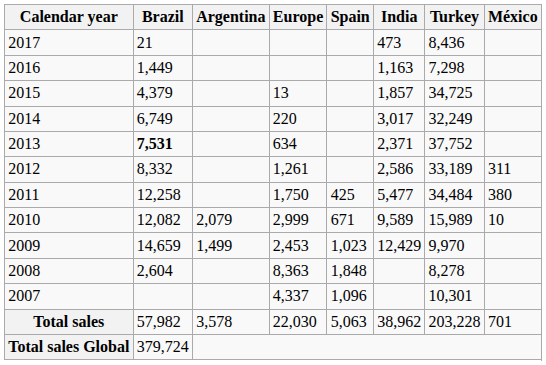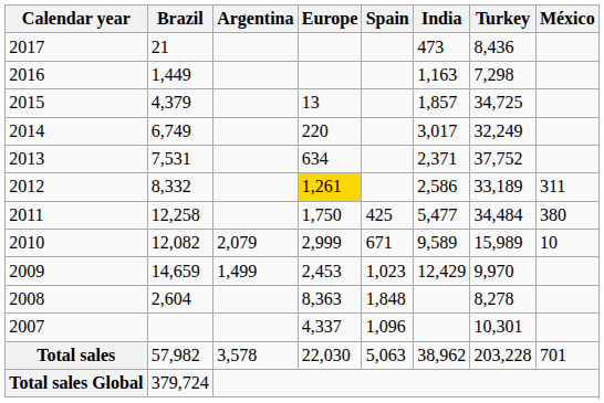 <table class="wikitable">
 <tr>
 <th>Calendar year</th>
 <th>Brazil</th>
 <th>Argentina</th>
 <th>Europe</th>
 <th>Spain</th>
 <th>India</th>
 <th>Turkey</th>
 <th>México</th>
 </tr>
 <tr>
 <td>2017</td>
 <td>21</td>
 <td></td>
 <td></td>
 <td></td>
 <td>473</td>
 <td>8,436</td>
 <td></td>
 </tr>
 <tr>
 <td>2016</td>
 <td>1,449</td>
 <td></td>
 <td></td>
 <td></td>
 <td>1,163</td>
 <td>7,298</td>
 <td></td>
 </tr>
 <tr>
 <td>2015</td>
 <td>4,379</td>
 <td></td>
 <td>13</td>
 <td></td>
 <td>1,857</td>
 <td>34,725</td>
 <td></td>
 </tr>
 <tr>
 <td>2014</td>
 <td>6,749</td>
 <td></td>
 <td>220</td>
 <td></td>
 <td>3,017</td>
 <td>32,249</td>
 <td></td>
 </tr>
 <tr>
 <td>2013</td>
-<td><strong>7,531</strong></td>
+<td>7,531</td>
 <td></td>
 <td>634</td>
 <td></td>
 <td>2,371</td>
 <td>37,752</td>
 <td></td>
 </tr>
 <tr>
 <td>2012</td>
 <td>8,332</td>
 <td></td>
-<td>1,261</td>
+<td style="background: gold;">1,261</td>
 <td></td>
 <td>2,586</td>
 <td>33,189</td>
 <td>311</td>
 </tr>
 <tr>
 <td>2011</td>
 <td>12,258</td>
 <td></td>
 <td>1,750</td>
 <td>425</td>
 <td>5,477</td>
 <td>34,484</td>
 <td>380</td>
 </tr>
 <tr>
 <td>2010</td>
 <td>12,082</td>
 <td>2,079</td>
 <td>2,999</td>
 <td>671</td>
 <td>9,589</td>
 <td>15,989</td>
 <td>10</td>
 </tr>
 <tr>
 <td>2009</td>
 <td>14,659</td>
 <td>1,499</td>
 <td>2,453</td>
 <td>1,023</td>
 <td>12,429</td>
 <td>9,970</td>
 <td></td>
 </tr>
 <tr>
 <td>2008</td>
 <td>2,604</td>
 <td></td>
 <td>8,363</td>
 <td>1,848</td>
 <td></td>
 <td>8,278</td>
 <td></td>
 </tr>
 <tr>
 <td>2007</td>
 <td></td>
 <td></td>
 <td>4,337</td>
 <td>1,096</td>
 <td></td>
 <td>10,301</td>
 <td></td>
 </tr>
 <tr>
 <th>Total sales</th>
 <td>57,982</td>
 <td>3,578</td>
 <td>22,030</td>
 <td>5,063</td>
 <td>38,962</td>
 <td>203,228</td>
 <td>701</td>
 </tr>
 <tr>
 <th>Total sales Global</th>
 <td>379,724</td>
 </tr>
 <tr>
 </tr>
 </table>
